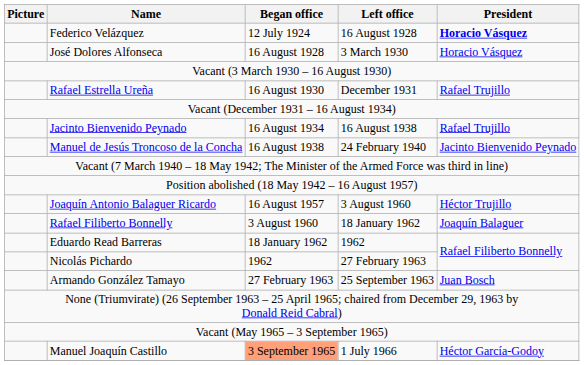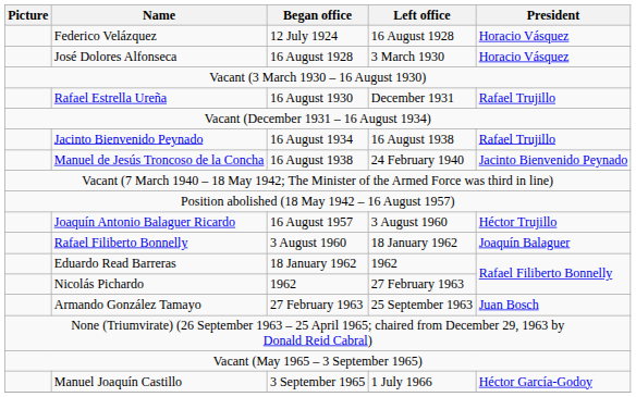 <table class="wikitable">
 <tr>
 <th>Picture</th>
 <th>Name</th>
 <th>Began office</th>
 <th>Left office</th>
 <th>President</th>
 </tr>
 <tr>
 <td></td>
 <td>Federico Velázquez</td>
 <td>12 July 1924</td>
 <td>16 August 1928</td>
-<td><strong><a href='#'>Horacio Vásquez</a></strong></td>
+<td><a href='#'>Horacio Vásquez</a></td>
 </tr>
 <tr>
 <td></td>
 <td>José Dolores Alfonseca</td>
 <td>16 August 1928</td>
 <td>3 March 1930</td>
 <td><a href='#'>Horacio Vásquez</a></td>
 </tr>
 <tr>
 <td colspan=6 align=center>Vacant (3 March 1930 – 16 August 1930)</td>
 </tr>
 <tr>
 <td></td>
 <td><a href='#'>Rafael Estrella Ureña</a></td>
 <td>16 August 1930</td>
 <td>December 1931</td>
 <td><a href='#'>Rafael Trujillo</a></td>
 </tr>
 <tr>
 <td colspan=6 align=center>Vacant (December 1931 – 16 August 1934)</td>
 </tr>
 <tr>
 <td></td>
 <td><a href='#'>Jacinto Bienvenido Peynado</a></td>
 <td>16 August 1934</td>
 <td>16 August 1938</td>
 <td><a href='#'>Rafael Trujillo</a></td>
 </tr>
 <tr>
 <td></td>
 <td><a href='#'>Manuel de Jesús Troncoso de la Concha</a></td>
 <td>16 August 1938</td>
 <td>24 February 1940</td>
 <td><a href='#'>Jacinto Bienvenido Peynado</a></td>
 </tr>
 <tr>
 <td colspan=6 align=center>Vacant (7 March 1940 – 18 May 1942; The Minister of the Armed Force was third in line)</td>
 </tr>
 <tr>
 <td colspan=6 align=center>Position abolished (18 May 1942 – 16 August 1957)</td>
 </tr>
 <tr>
 <td></td>
 <td><a href='#'>Joaquín Antonio Balaguer Ricardo</a></td>
 <td>16 August 1957</td>
 <td>3 August 1960</td>
 <td><a href='#'>Héctor Trujillo</a></td>
 </tr>
 <tr>
 <td></td>
 <td><a href='#'>Rafael Filiberto Bonnelly</a></td>
 <td>3 August 1960</td>
 <td>18 January 1962</td>
 <td><a href='#'>Joaquín Balaguer</a></td>
 </tr>
 <tr>
 <td></td>
 <td>Eduardo Read Barreras</td>
 <td>18 January 1962</td>
 <td>1962</td>
 <td rowspan=2><a href='#'>Rafael Filiberto Bonnelly</a></td>
 </tr>
 <tr>
 <td></td>
 <td>Nicolás Pichardo</td>
 <td>1962</td>
 <td>27 February 1963</td>
 </tr>
 <tr>
 <td></td>
 <td>Armando González Tamayo</td>
 <td>27 February 1963</td>
 <td>25 September 1963</td>
 <td><a href='#'>Juan Bosch</a></td>
 </tr>
 <tr>
 <td colspan=6 align=center>None (Triumvirate) (26 September 1963 – 25 April 1965; chaired from December 29, 1963 by <br><a href='#'>Donald Reid Cabral</a>)</td>
 </tr>
 <tr>
 <td colspan=6 align=center>Vacant (May 1965 – 3 September 1965)</td>
 </tr>
 <tr>
 <td></td>
 <td>Manuel Joaquín Castillo</td>
-<td style="background: lightsalmon;">3 September 1965</td>
+<td>3 September 1965</td>
 <td>1 July 1966</td>
 <td><a href='#'>Héctor García-Godoy</a></td>
 </tr>
 <tr>
 </tr>
 </table>
